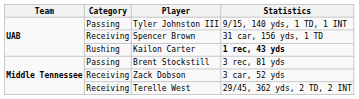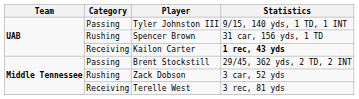 <table class="wikitable">
 <tr>
 <th>Team</th>
 <th>Category</th>
 <th>Player</th>
 <th>Statistics</th>
 </tr>
 <tr>
 <td rowspan=3><strong>UAB</strong></td>
 <td>Passing</td>
 <td>Tyler Johnston III</td>
 <td>9/15, 140 yds, 1 TD, 1 INT</td>
 </tr>
 <tr>
-<td>Receiving</td>
+<td>Rushing</td>
 <td>Spencer Brown</td>
 <td>31 car, 156 yds, 1 TD</td>
 </tr>
 <tr>
-<td>Rushing</td>
+<td>Receiving</td>
 <td>Kailon Carter</td>
 <td><strong>1 rec, 43 yds</strong></td>
 </tr>
 <tr>
 <td rowspan=3><strong>Middle Tennessee</strong></td>
 <td>Passing</td>
 <td>Brent Stockstill</td>
-<td>3 rec, 81 yds</td>
+<td>29/45, 362 yds, 2 TD, 2 INT</td>
 </tr>
 <tr>
-<td>Receiving</td>
+<td>Rushing</td>
 <td>Zack Dobson</td>
 <td>3 car, 52 yds</td>
 </tr>
 <tr>
 <td>Receiving</td>
 <td>Terelle West</td>
-<td>29/45, 362 yds, 2 TD, 2 INT</td>
+<td>3 rec, 81 yds</td>
 </tr>
 </table>
